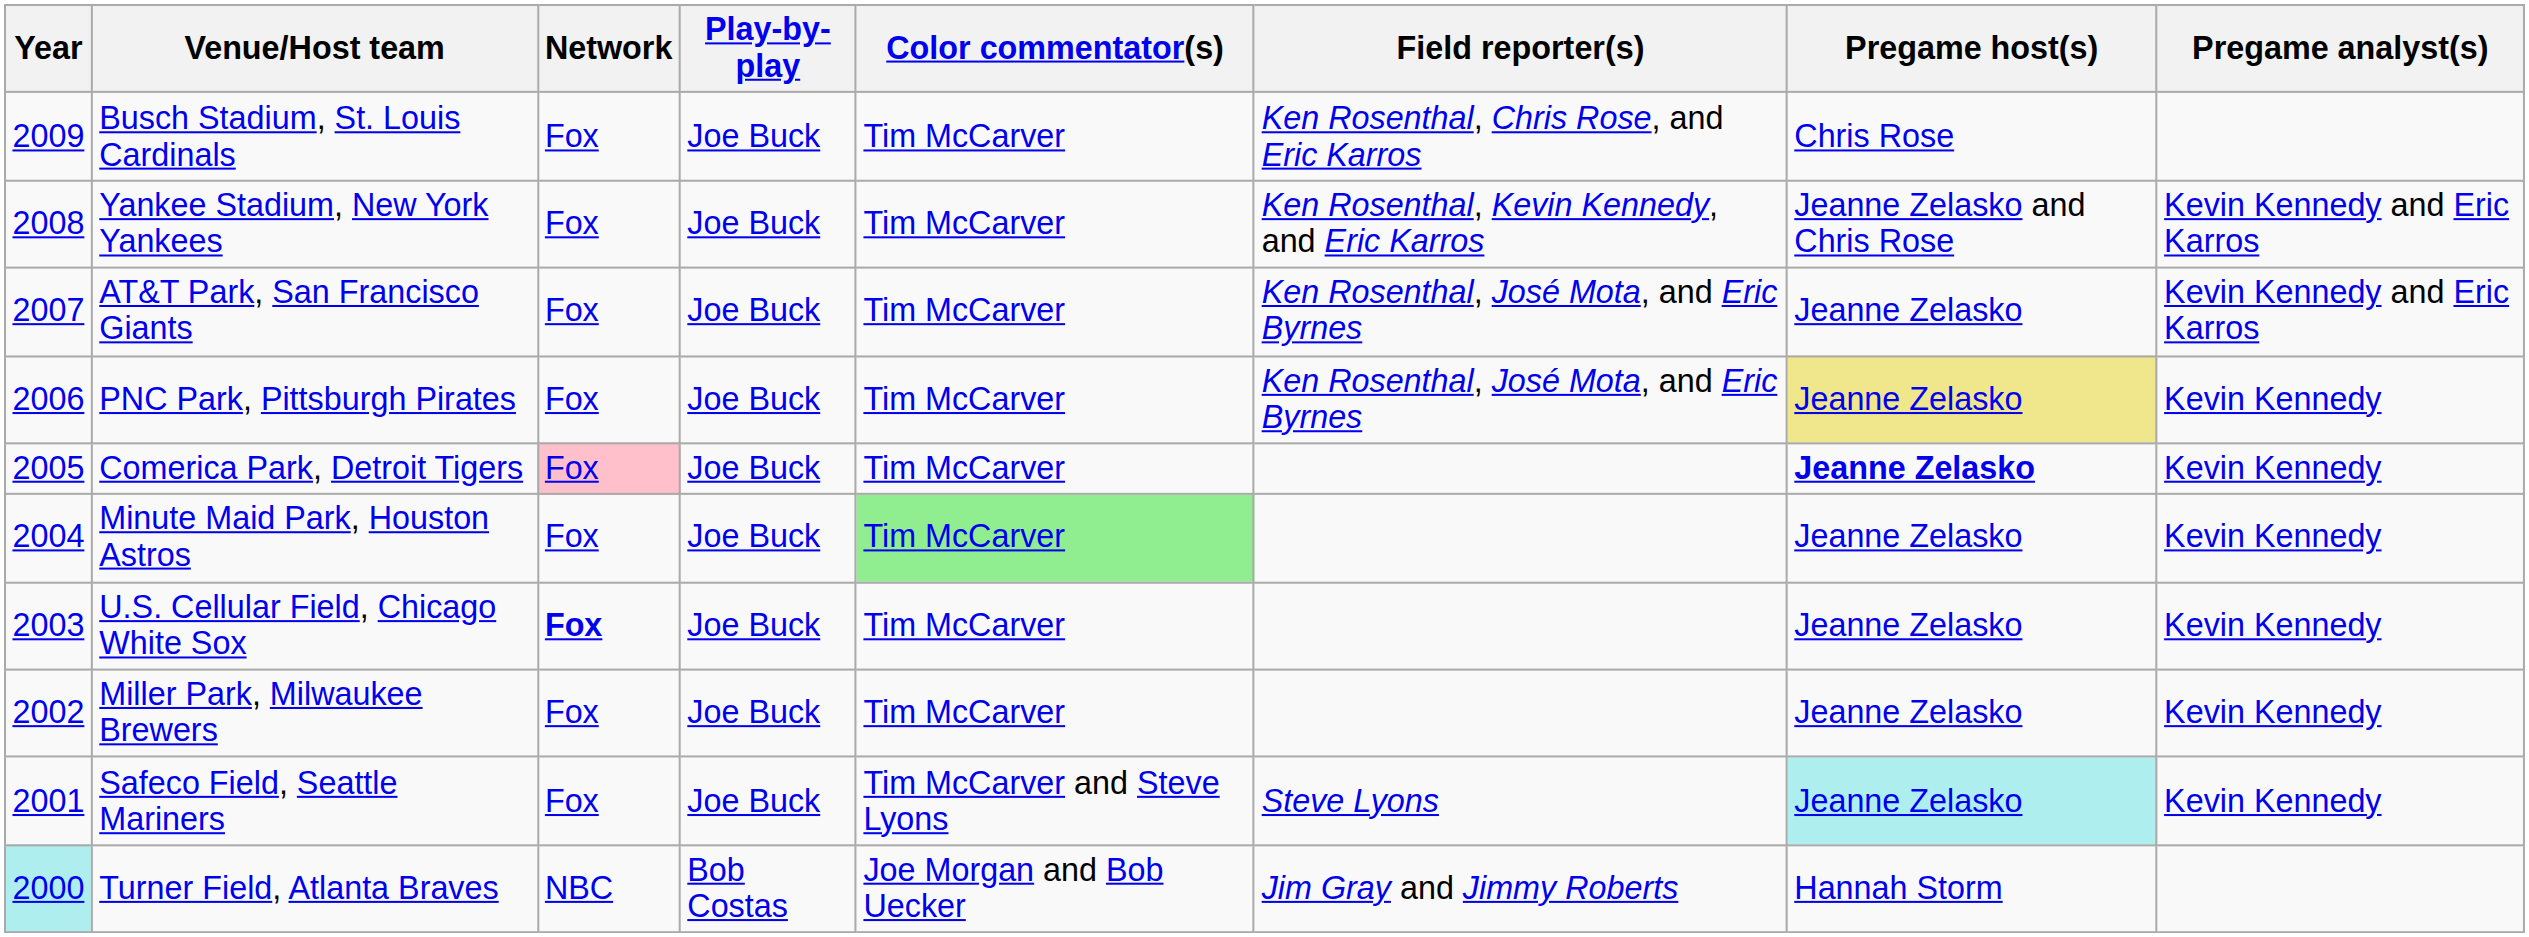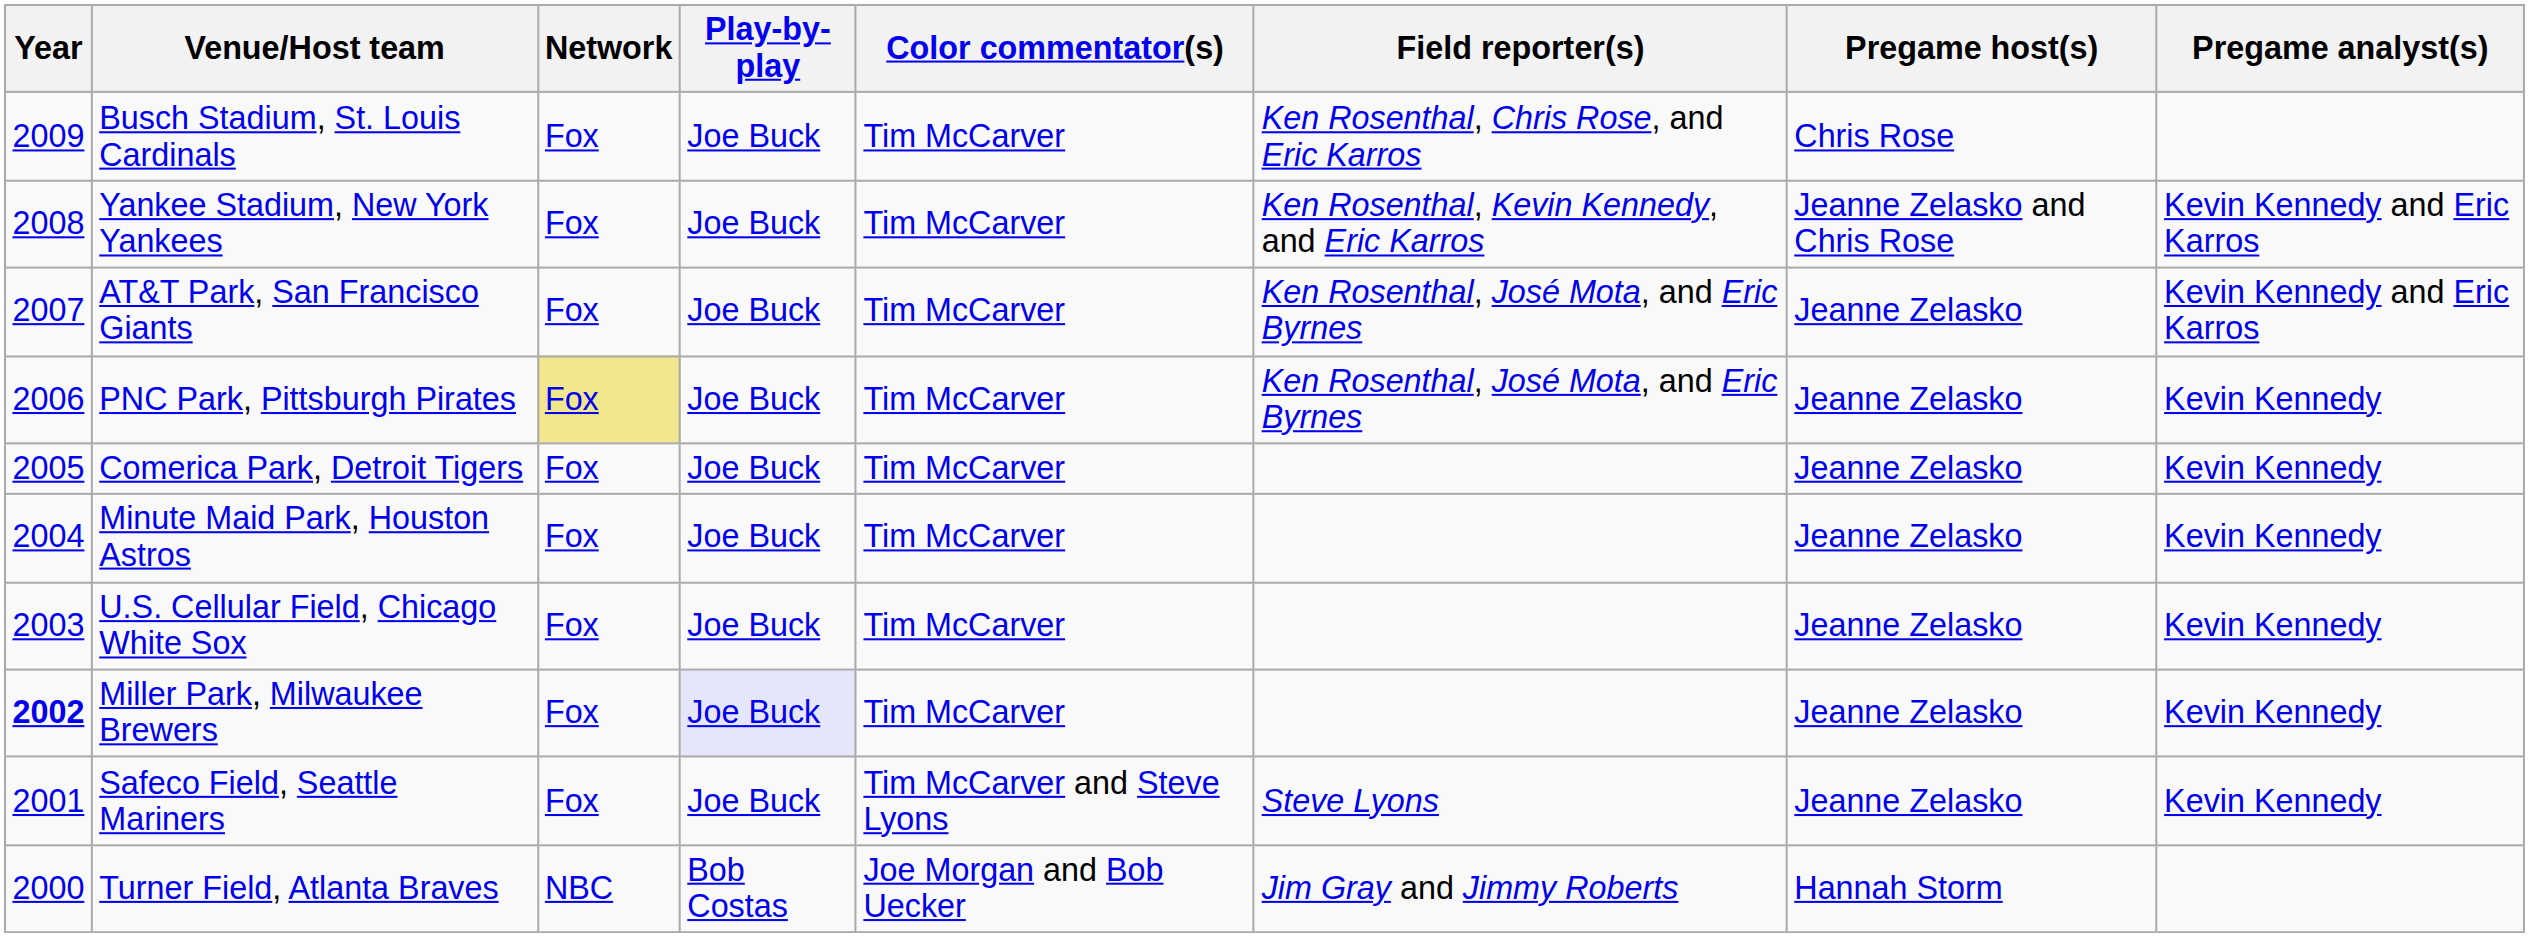 <table class="wikitable">
 <tr>
 <th>Year</th>
 <th>Venue/Host team</th>
 <th>Network</th>
 <th><a href='#'>Play-by-play</a></th>
 <th><a href='#'>Color commentator</a>(s)</th>
 <th>Field reporter(s)</th>
 <th>Pregame host(s)</th>
 <th>Pregame analyst(s)</th>
 </tr>
 <tr>
 <td><a href='#'>2009</a></td>
 <td><a href='#'>Busch Stadium</a>, <a href='#'>St. Louis Cardinals</a></td>
 <td><a href='#'>Fox</a></td>
 <td><a href='#'>Joe Buck</a></td>
 <td><a href='#'>Tim McCarver</a></td>
 <td><em><a href='#'>Ken Rosenthal</a></em>, <em><a href='#'>Chris Rose</a></em>, and <em><a href='#'>Eric Karros</a></em></td>
 <td><a href='#'>Chris Rose</a></td>
 </tr>
 <tr>
 <td><a href='#'>2008</a></td>
 <td><a href='#'>Yankee Stadium</a>, <a href='#'>New York Yankees</a></td>
 <td><a href='#'>Fox</a></td>
 <td><a href='#'>Joe Buck</a></td>
 <td><a href='#'>Tim McCarver</a></td>
 <td><em><a href='#'>Ken Rosenthal</a></em>, <em><a href='#'>Kevin Kennedy</a></em>, and <em><a href='#'>Eric Karros</a></em></td>
 <td><a href='#'>Jeanne Zelasko</a> and <a href='#'>Chris Rose</a></td>
 <td><a href='#'>Kevin Kennedy</a> and <a href='#'>Eric Karros</a></td>
 </tr>
 <tr>
 <td><a href='#'>2007</a></td>
 <td><a href='#'>AT&T Park</a>, <a href='#'>San Francisco Giants</a></td>
 <td><a href='#'>Fox</a></td>
 <td><a href='#'>Joe Buck</a></td>
 <td><a href='#'>Tim McCarver</a></td>
 <td><em><a href='#'>Ken Rosenthal</a></em>, <em><a href='#'>José Mota</a></em>, and <em><a href='#'>Eric Byrnes</a></em></td>
 <td><a href='#'>Jeanne Zelasko</a></td>
 <td><a href='#'>Kevin Kennedy</a> and <a href='#'>Eric Karros</a></td>
 </tr>
 <tr>
 <td><a href='#'>2006</a></td>
 <td><a href='#'>PNC Park</a>, <a href='#'>Pittsburgh Pirates</a></td>
-<td><a href='#'>Fox</a></td>
+<td style="background: khaki;"><a href='#'>Fox</a></td>
 <td><a href='#'>Joe Buck</a></td>
 <td><a href='#'>Tim McCarver</a></td>
 <td><em><a href='#'>Ken Rosenthal</a></em>, <em><a href='#'>José Mota</a></em>, and <em><a href='#'>Eric Byrnes</a></em></td>
-<td style="background: khaki;"><a href='#'>Jeanne Zelasko</a></td>
+<td><a href='#'>Jeanne Zelasko</a></td>
 <td><a href='#'>Kevin Kennedy</a></td>
 </tr>
 <tr>
 <td><a href='#'>2005</a></td>
 <td><a href='#'>Comerica Park</a>, <a href='#'>Detroit Tigers</a></td>
-<td style="background: pink;"><a href='#'>Fox</a></td>
+<td><a href='#'>Fox</a></td>
 <td><a href='#'>Joe Buck</a></td>
 <td><a href='#'>Tim McCarver</a></td>
 <td></td>
-<td><strong><a href='#'>Jeanne Zelasko</a></strong></td>
+<td><a href='#'>Jeanne Zelasko</a></td>
 <td><a href='#'>Kevin Kennedy</a></td>
 </tr>
 <tr>
 <td><a href='#'>2004</a></td>
 <td><a href='#'>Minute Maid Park</a>, <a href='#'>Houston Astros</a></td>
 <td><a href='#'>Fox</a></td>
 <td><a href='#'>Joe Buck</a></td>
-<td style="background: lightgreen;"><a href='#'>Tim McCarver</a></td>
+<td><a href='#'>Tim McCarver</a></td>
 <td></td>
 <td><a href='#'>Jeanne Zelasko</a></td>
 <td><a href='#'>Kevin Kennedy</a></td>
 </tr>
 <tr>
 <td><a href='#'>2003</a></td>
 <td><a href='#'>U.S. Cellular Field</a>, <a href='#'>Chicago White Sox</a></td>
-<td><strong><a href='#'>Fox</a></strong></td>
+<td><a href='#'>Fox</a></td>
 <td><a href='#'>Joe Buck</a></td>
 <td><a href='#'>Tim McCarver</a></td>
 <td></td>
 <td><a href='#'>Jeanne Zelasko</a></td>
 <td><a href='#'>Kevin Kennedy</a></td>
 </tr>
 <tr>
-<td><a href='#'>2002</a></td>
+<td><strong><a href='#'>2002</a></strong></td>
 <td><a href='#'>Miller Park</a>, <a href='#'>Milwaukee Brewers</a></td>
 <td><a href='#'>Fox</a></td>
-<td><a href='#'>Joe Buck</a></td>
+<td style="background: lavender;"><a href='#'>Joe Buck</a></td>
 <td><a href='#'>Tim McCarver</a></td>
 <td></td>
 <td><a href='#'>Jeanne Zelasko</a></td>
 <td><a href='#'>Kevin Kennedy</a></td>
 </tr>
 <tr>
 <td><a href='#'>2001</a></td>
 <td><a href='#'>Safeco Field</a>, <a href='#'>Seattle Mariners</a></td>
 <td><a href='#'>Fox</a></td>
 <td><a href='#'>Joe Buck</a></td>
 <td><a href='#'>Tim McCarver</a> and <a href='#'>Steve Lyons</a></td>
 <td><em><a href='#'>Steve Lyons</a></em></td>
-<td style="background: paleturquoise;"><a href='#'>Jeanne Zelasko</a></td>
+<td><a href='#'>Jeanne Zelasko</a></td>
 <td><a href='#'>Kevin Kennedy</a></td>
 </tr>
 <tr>
-<td style="background: paleturquoise;"><a href='#'>2000</a></td>
+<td><a href='#'>2000</a></td>
 <td><a href='#'>Turner Field</a>, <a href='#'>Atlanta Braves</a></td>
 <td><a href='#'>NBC</a></td>
 <td><a href='#'>Bob Costas</a></td>
 <td><a href='#'>Joe Morgan</a> and <a href='#'>Bob Uecker</a></td>
 <td><em><a href='#'>Jim Gray</a></em> and <em><a href='#'>Jimmy Roberts</a></em></td>
 <td><a href='#'>Hannah Storm</a></td>
 <td></td>
 </tr>
 </table>
